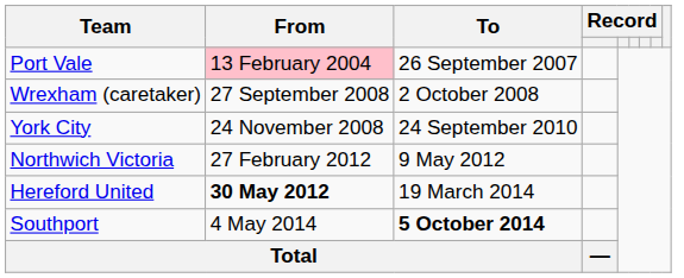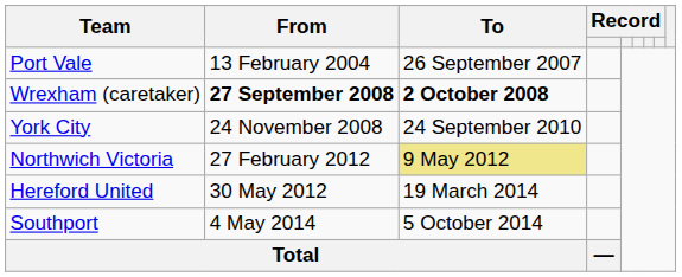 <table class="wikitable" style="text-align: center">
 <tr>
 <th rowspan=2>Team</th>
 <th rowspan=2>From</th>
 <th rowspan=2>To</th>
 <th colspan=5>Record</th>
 <th rowspan=2></th>
 </tr>
 <tr>
 <th></th>
 <th></th>
 <th></th>
 <th></th>
 <th></th>
 </tr>
 <tr>
 <td align=left><a href='#'>Port Vale</a></td>
-<td align=left style="background: pink;">13 February 2004</td>
+<td align=left>13 February 2004</td>
 <td align=left>26 September 2007<br></td>
 <td></td>
 </tr>
 <tr>
 <td align=left><a href='#'>Wrexham</a> (caretaker)</td>
-<td align=left>27 September 2008</td>
-<td align=left>2 October 2008<br></td>
+<td align=left><strong>27 September 2008</strong></td>
+<td align=left><strong>2 October 2008<br></strong></td>
 <td></td>
 </tr>
 <tr>
 <td align=left><a href='#'>York City</a></td>
 <td align=left>24 November 2008</td>
 <td align=left>24 September 2010<br></td>
 <td></td>
 </tr>
 <tr>
 <td align=left><a href='#'>Northwich Victoria</a></td>
 <td align=left>27 February 2012</td>
-<td align=left>9 May 2012<br></td>
+<td align=left style="background: khaki;">9 May 2012<br></td>
 <td></td>
 </tr>
 <tr>
 <td align=left><a href='#'>Hereford United</a></td>
-<td align=left><strong>30 May 2012</strong></td>
+<td align=left>30 May 2012</td>
 <td align=left>19 March 2014<br></td>
 <td></td>
 </tr>
 <tr>
 <td align=left><a href='#'>Southport</a></td>
 <td align=left>4 May 2014</td>
-<td align=left><strong>5 October 2014<br></strong></td>
+<td align=left>5 October 2014<br></td>
 <td></td>
 </tr>
 <tr>
 <th colspan=3>Total<br></th>
 <th>—</th>
 </tr>
 </table>
